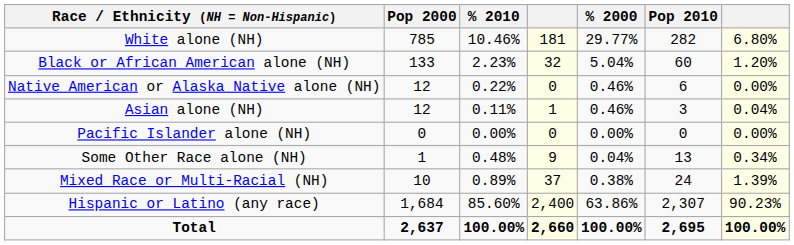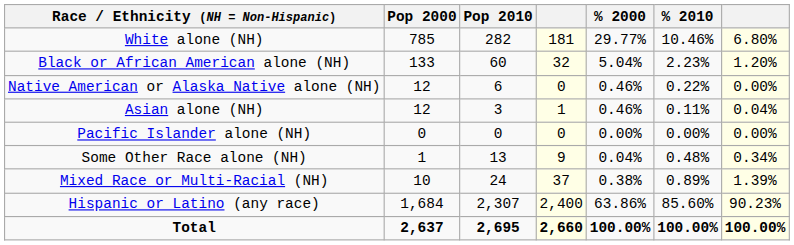 <table class="wikitable" style="text-align:center;">
 <tr>
 <th>Race / Ethnicity <small>(<em>NH = Non-Hispanic</em>)</small></th>
 <th>Pop 2000</th>
-<th>% 2010</th>
+<th>Pop 2010</th>
 <th></th>
 <th>% 2000</th>
-<th>Pop 2010</th>
+<th>% 2010</th>
 <th></th>
 </tr>
 <tr>
 <td><a href='#'>White</a> alone (NH)</td>
 <td>785</td>
-<td>10.46%</td>
+<td>282</td>
 <td style='background: #ffffe6;'>181</td>
 <td>29.77%</td>
-<td>282</td>
+<td>10.46%</td>
 <td style='background: #ffffe6;'>6.80%</td>
 </tr>
 <tr>
 <td><a href='#'>Black or African American</a> alone (NH)</td>
 <td>133</td>
-<td>2.23%</td>
+<td>60</td>
 <td style='background: #ffffe6;'>32</td>
 <td>5.04%</td>
-<td>60</td>
+<td>2.23%</td>
 <td style='background: #ffffe6;'>1.20%</td>
 </tr>
 <tr>
 <td><a href='#'>Native American</a> or <a href='#'>Alaska Native</a> alone (NH)</td>
 <td>12</td>
-<td>0.22%</td>
+<td>6</td>
 <td style='background: #ffffe6;'>0</td>
 <td>0.46%</td>
-<td>6</td>
+<td>0.22%</td>
 <td style='background: #ffffe6;'>0.00%</td>
 </tr>
 <tr>
 <td><a href='#'>Asian</a> alone (NH)</td>
 <td>12</td>
-<td>0.11%</td>
+<td>3</td>
 <td style='background: #ffffe6;'>1</td>
 <td>0.46%</td>
-<td>3</td>
+<td>0.11%</td>
 <td style='background: #ffffe6;'>0.04%</td>
 </tr>
 <tr>
 <td><a href='#'>Pacific Islander</a> alone (NH)</td>
 <td>0</td>
-<td>0.00%</td>
+<td>0</td>
 <td style='background: #ffffe6;'>0</td>
 <td>0.00%</td>
-<td>0</td>
+<td>0.00%</td>
 <td style='background: #ffffe6;'>0.00%</td>
 </tr>
 <tr>
 <td>Some Other Race alone (NH)</td>
 <td>1</td>
-<td>0.48%</td>
+<td>13</td>
 <td style='background: #ffffe6;'>9</td>
 <td>0.04%</td>
-<td>13</td>
+<td>0.48%</td>
 <td style='background: #ffffe6;'>0.34%</td>
 </tr>
 <tr>
 <td><a href='#'>Mixed Race or Multi-Racial</a> (NH)</td>
 <td>10</td>
-<td>0.89%</td>
+<td>24</td>
 <td style='background: #ffffe6;'>37</td>
 <td>0.38%</td>
-<td>24</td>
+<td>0.89%</td>
 <td style='background: #ffffe6;'>1.39%</td>
 </tr>
 <tr>
 <td><a href='#'>Hispanic or Latino</a> (any race)</td>
 <td>1,684</td>
-<td>85.60%</td>
+<td>2,307</td>
 <td style='background: #ffffe6;'>2,400</td>
 <td>63.86%</td>
-<td>2,307</td>
+<td>85.60%</td>
 <td style='background: #ffffe6;'>90.23%</td>
 </tr>
 <tr>
 <td><strong>Total</strong></td>
 <td><strong>2,637</strong></td>
-<td><strong>100.00%</strong></td>
+<td><strong>2,695</strong></td>
 <td style='background: #ffffe6;'><strong>2,660</strong></td>
 <td><strong>100.00%</strong></td>
-<td><strong>2,695</strong></td>
+<td><strong>100.00%</strong></td>
 <td style='background: #ffffe6;'><strong>100.00%</strong></td>
 </tr>
 </table>
